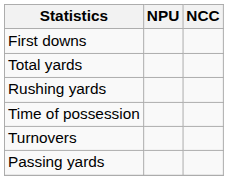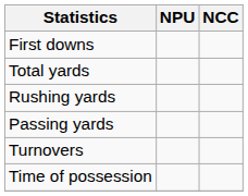 <table class="wikitable">
 <tr>
 <th>Statistics</th>
 <th>NPU</th>
 <th>NCC</th>
 </tr>
 <tr>
 <td>First downs</td>
 <td></td>
 <td></td>
 </tr>
 <tr>
 <td>Total yards</td>
 <td></td>
 <td></td>
 </tr>
 <tr>
 <td>Rushing yards</td>
 <td></td>
 <td></td>
 </tr>
 <tr>
-<td>Time of possession</td>
+<td>Passing yards</td>
 <td></td>
 <td></td>
 </tr>
 <tr>
 <td>Turnovers</td>
 <td></td>
 <td></td>
 </tr>
 <tr>
-<td>Passing yards</td>
+<td>Time of possession</td>
 <td></td>
 <td></td>
 </tr>
 <tr>
 </tr>
 </table>
